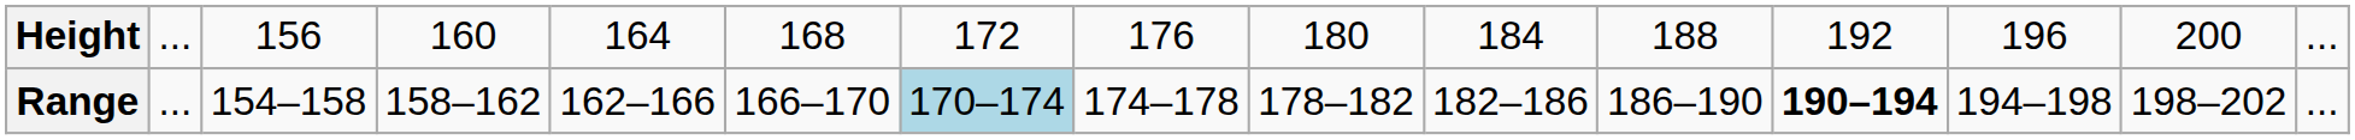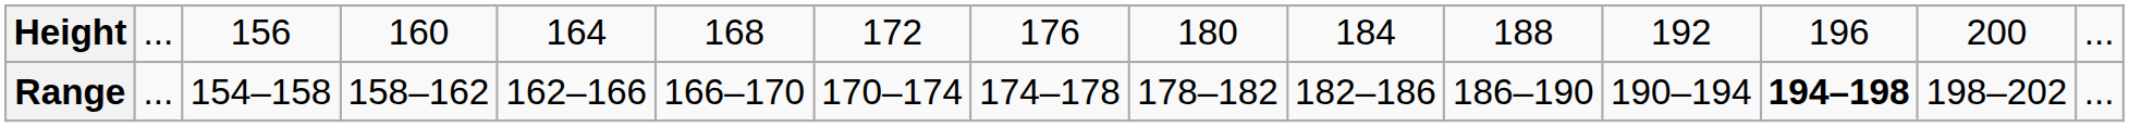 <table class="wikitable">
 <tr style="text-align:center;">
 <th>Height</th>
 <td>...</td>
 <td>156</td>
 <td>160</td>
 <td>164</td>
 <td>168</td>
 <td>172</td>
 <td>176</td>
 <td>180</td>
 <td>184</td>
 <td>188</td>
 <td>192</td>
 <td>196</td>
 <td>200</td>
 <td>...</td>
 </tr>
 <tr style="text-align:center;">
 <th>Range</th>
 <td>...</td>
 <td>154–158</td>
 <td>158–162</td>
 <td>162–166</td>
 <td>166–170</td>
-<td style="background: lightblue;">170–174</td>
+<td>170–174</td>
 <td>174–178</td>
 <td>178–182</td>
 <td>182–186</td>
 <td>186–190</td>
-<td><strong>190–194</strong></td>
-<td>194–198</td>
+<td>190–194</td>
+<td><strong>194–198</strong></td>
 <td>198–202</td>
 <td>...</td>
 </tr>
 </table>
